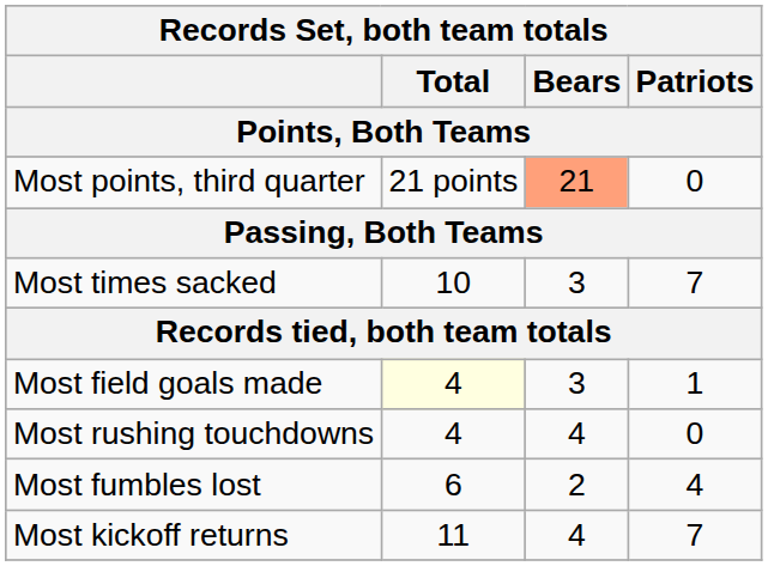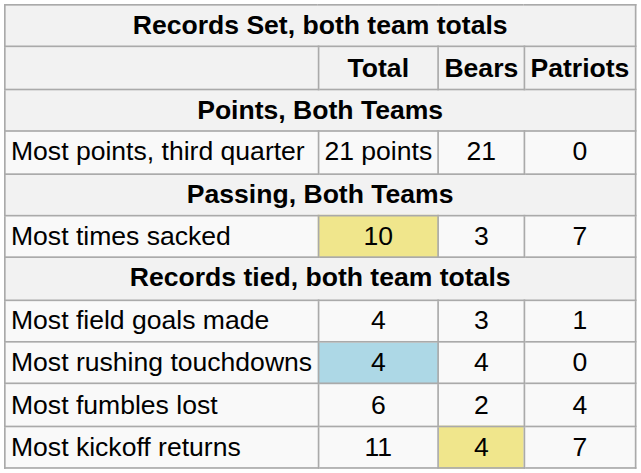 <table class="wikitable">
 <tr>
 <th colspan=4>Records Set, both team totals</th>
 </tr>
 <tr>
 <th></th>
 <th>Total</th>
 <th>Bears</th>
 <th>Patriots</th>
 </tr>
 <tr>
 <th colspan=4>Points, Both Teams</th>
 </tr>
 <tr align=center>
 <td align=left>Most points, third quarter</td>
 <td>21 points</td>
-<td style="background: lightsalmon;">21</td>
+<td>21</td>
 <td>0</td>
 </tr>
 <tr>
 <th colspan=4>Passing, Both Teams</th>
 </tr>
 <tr align=center>
 <td align=left>Most times sacked</td>
-<td>10</td>
+<td style="background: khaki;">10</td>
 <td>3</td>
 <td>7</td>
 </tr>
 <tr>
 <th colspan=4>Records tied, both team totals</th>
 </tr>
 <tr align=center>
 <td align=left>Most field goals made</td>
-<td style="background: lightyellow;">4</td>
+<td>4</td>
 <td>3</td>
 <td>1</td>
 </tr>
 <tr align=center>
 <td align=left>Most rushing touchdowns</td>
-<td>4</td>
+<td style="background: lightblue;">4</td>
 <td>4</td>
 <td>0</td>
 </tr>
 <tr align=center>
 <td align=left>Most fumbles lost</td>
 <td>6</td>
 <td>2</td>
 <td>4</td>
 </tr>
 <tr align=center>
 <td align=left>Most kickoff returns</td>
 <td>11</td>
-<td>4</td>
+<td style="background: khaki;">4</td>
 <td>7</td>
 </tr>
 </table>
